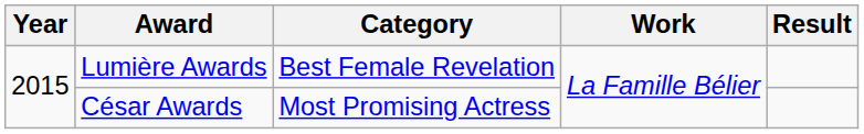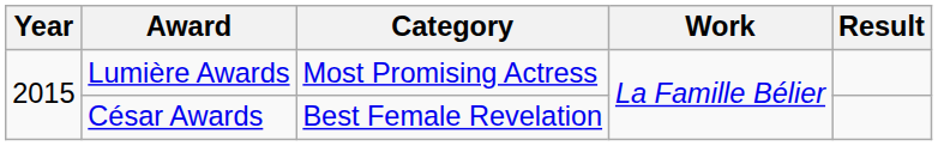 <table class="wikitable">
 <tr>
 <th>Year</th>
 <th>Award</th>
 <th>Category</th>
 <th>Work</th>
 <th>Result</th>
 </tr>
 <tr>
 <td rowspan="2">2015</td>
 <td><a href='#'>Lumière Awards</a></td>
-<td><a href='#'>Best Female Revelation</a></td>
+<td><a href='#'>Most Promising Actress</a></td>
 <td rowspan="2"><em><a href='#'>La Famille Bélier</a></em></td>
 <td></td>
 </tr>
 <tr>
 <td><a href='#'>César Awards</a></td>
-<td><a href='#'>Most Promising Actress</a></td>
+<td><a href='#'>Best Female Revelation</a></td>
 <td></td>
 </tr>
 </table>
